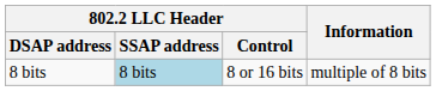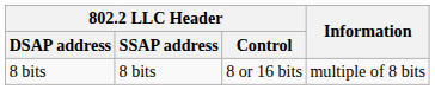 <table class="wikitable">
 <tr>
 <th colspan="3">802.2 LLC Header</th>
 <th rowspan="2">Information</th>
 </tr>
 <tr>
 <th>DSAP address</th>
 <th>SSAP address</th>
 <th>Control</th>
 </tr>
 <tr>
 <td>8 bits</td>
-<td style="background: lightblue;">8 bits</td>
+<td>8 bits</td>
 <td>8 or 16 bits</td>
 <td>multiple of 8 bits</td>
 </tr>
 </table>
